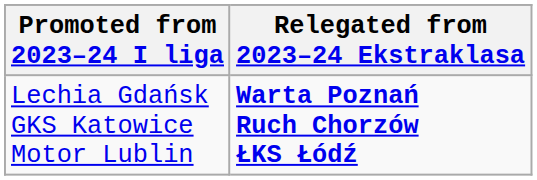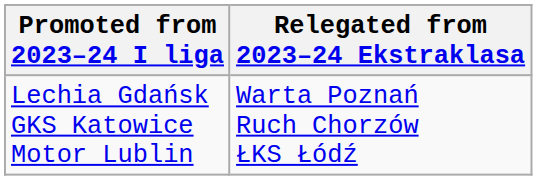 <table class="wikitable">
 <tr>
 <th>Promoted from<br><a href='#'>2023–24 I liga</a></th>
 <th>Relegated from<br><a href='#'>2023–24 Ekstraklasa</a></th>
 </tr>
 <tr>
 <td> <a href='#'>Lechia Gdańsk</a> <br>  <a href='#'>GKS Katowice</a> <br> <a href='#'>Motor Lublin</a> </td>
-<td><strong> <a href='#'>Warta Poznań</a> <br> <a href='#'>Ruch Chorzów</a> <br> <a href='#'>ŁKS Łódź</a> </strong></td>
+<td> <a href='#'>Warta Poznań</a> <br> <a href='#'>Ruch Chorzów</a> <br> <a href='#'>ŁKS Łódź</a> </td>
 </tr>
 </table>
